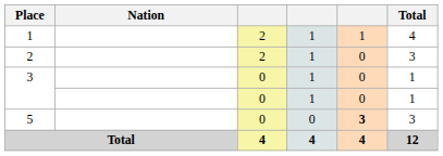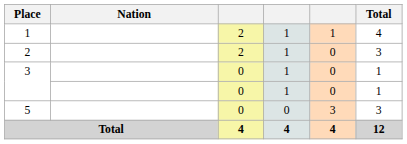 <table class=wikitable style="border:1px solid #AAAAAA;font-size:90%">
 <tr bgcolor="#EFEFEF">
 <th width=50>Place</th>
 <th width=200>Nation</th>
 <th width=50></th>
 <th width=50></th>
 <th width=50></th>
 <th width=50>Total</th>
 </tr>
 <tr align="center" valign="top" bgcolor="#FFFFFF">
 <td>1</td>
 <td align="left"></td>
 <td style="background:#F7F6A8;">2</td>
 <td style="background:#DCE5E5;">1</td>
 <td style="background:#FFDAB9;">1</td>
 <td>4</td>
 </tr>
 <tr align="center" valign="top" bgcolor="#FFFFFF">
 <td>2</td>
 <td align="left"></td>
 <td style="background:#F7F6A8;">2</td>
 <td style="background:#DCE5E5;">1</td>
 <td style="background:#FFDAB9;">0</td>
 <td>3</td>
 </tr>
 <tr align="center" valign="top" bgcolor="#FFFFFF">
 <td rowspan="2" valign="center">3</td>
 <td align="left"></td>
 <td style="background:#F7F6A8;">0</td>
 <td style="background:#DCE5E5;">1</td>
 <td style="background:#FFDAB9;">0</td>
 <td>1</td>
 </tr>
 <tr align="center" valign="top" bgcolor="#FFFFFF">
 <td align="left"></td>
 <td style="background:#F7F6A8;">0</td>
 <td style="background:#DCE5E5;">1</td>
 <td style="background:#FFDAB9;">0</td>
 <td>1</td>
 </tr>
 <tr align="center" valign="top" bgcolor="#FFFFFF">
 <td>5</td>
 <td align="left"></td>
 <td style="background:#F7F6A8;">0</td>
 <td style="background:#DCE5E5;">0</td>
-<td style="background:#FFDAB9;"><strong>3</strong></td>
+<td style="background:#FFDAB9;">3</td>
 <td>3</td>
 </tr>
 <tr align="center">
 <td colspan="2" bgcolor=D3D3D3><strong>Total</strong></td>
 <td style="background:#F7F6A8;"><strong>4</strong></td>
 <td style="background:#DCE5E5;"><strong>4</strong></td>
 <td style="background:#FFDAB9;"><strong>4</strong></td>
 <td bgcolor=D3D3D3><strong>12</strong></td>
 </tr>
 </table>
